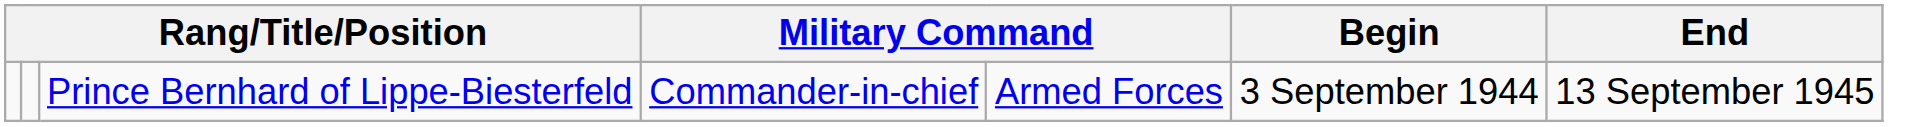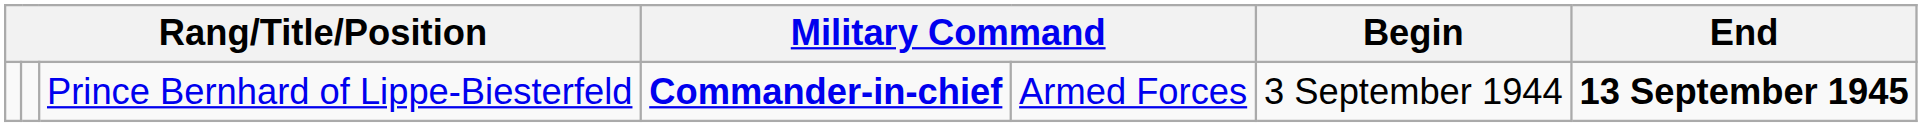 <table class="wikitable" style="text-align:center">
 <tr>
 <th colspan=3>Rang/Title/Position</th>
 <th colspan=2><a href='#'>Military Command</a></th>
 <th>Begin</th>
 <th>End</th>
 </tr>
 <tr>
 <td style="background:"></td>
 <td></td>
 <td><a href='#'>Prince Bernhard of Lippe-Biesterfeld</a></td>
-<td><a href='#'>Commander-in-chief</a></td>
+<td><strong><a href='#'>Commander-in-chief</a></strong></td>
 <td><a href='#'>Armed Forces</a></td>
 <td>3 September 1944</td>
-<td>13 September 1945</td>
+<td><strong>13 September 1945</strong></td>
 </tr>
 </table>
